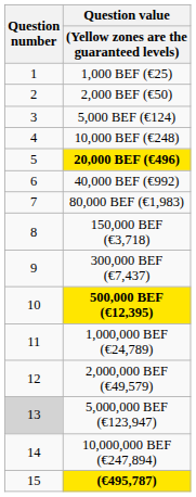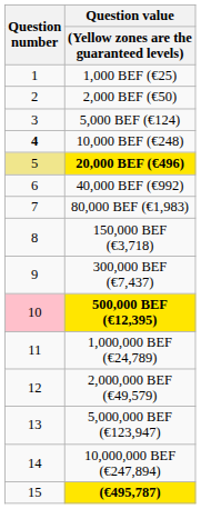 <table class="wikitable" style="text-align:center; border:1px;; cellpadding:2; cellspacing:0; width:25%;">
 <tr>
 <th rowspan="2" style="width: 30%">Question number</th>
 <th>Question value</th>
 </tr>
 <tr>
 <th style="width: 70%">(Yellow zones are the guaranteed levels)</th>
 </tr>
 <tr>
 <td>1</td>
 <td><span>1,000 BEF (€25)</span></td>
 </tr>
 <tr>
 <td>2</td>
 <td><span>2,000 BEF (€50)</span></td>
 </tr>
 <tr>
 <td>3</td>
 <td><span>5,000 BEF (€124)</span></td>
 </tr>
 <tr>
-<td>4</td>
+<td><strong>4</strong></td>
 <td><span>10,000 BEF (€248)</span></td>
 </tr>
 <tr>
-<td>5</td>
+<td style="background: khaki;">5</td>
 <td style="background: #FFE600"><span><strong>20,000 BEF (€496)</strong></span></td>
 </tr>
 <tr>
 <td>6</td>
 <td><span>40,000 BEF (€992)</span></td>
 </tr>
 <tr>
 <td>7</td>
 <td><span>80,000 BEF (€1,983)</span></td>
 </tr>
 <tr>
 <td>8</td>
 <td><span>150,000 BEF (€3,718)</span></td>
 </tr>
 <tr>
 <td>9</td>
 <td><span>300,000 BEF (€7,437)</span></td>
 </tr>
 <tr>
-<td>10</td>
+<td style="background: pink;">10</td>
 <td style="background: #FFE600"><span><strong>500,000 BEF (€12,395)</strong></span></td>
 </tr>
 <tr>
 <td>11</td>
 <td><span>1,000,000 BEF (€24,789)</span></td>
 </tr>
 <tr>
 <td>12</td>
 <td><span>2,000,000 BEF (€49,579)</span></td>
 </tr>
 <tr>
-<td style="background: lightgrey;">13</td>
+<td>13</td>
 <td><span>5,000,000 BEF (€123,947)</span></td>
 </tr>
 <tr>
 <td>14</td>
 <td><span>10,000,000 BEF (€247,894)</span></td>
 </tr>
 <tr>
 <td>15</td>
 <td style="background: #FFE600"><span><strong> (€495,787)</strong></span></td>
 </tr>
 </table>
